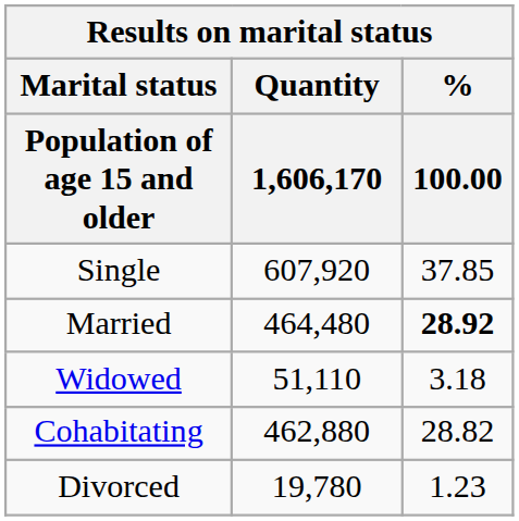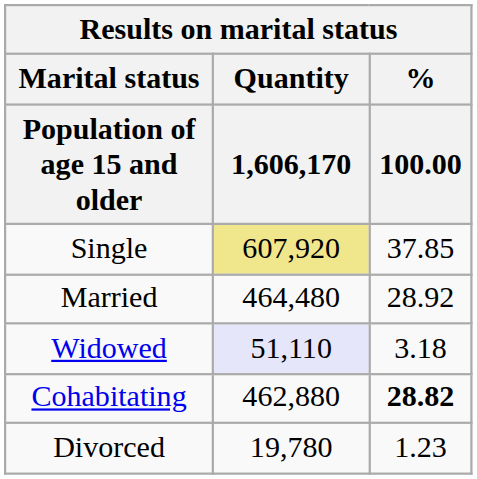 <table class="wikitable" id="cx55" style="text-align: center; margin-right: 8px; font-size: 85%; margin-bottom: 10px;" width="24%">
 <tr>
 <th colspan="8">Results on marital status<br></th>
 </tr>
 <tr>
 <th width="35%">Marital status</th>
 <th width="20%">Quantity</th>
 <th width="5%">%</th>
 </tr>
 <tr>
 <th>Population of age 15 and older</th>
 <th align="center">1,606,170</th>
 <th align="center">100.00</th>
 </tr>
 <tr>
 <td>Single</td>
-<td align="center">607,920</td>
+<td align="center" style="background: khaki;">607,920</td>
 <td align="center">37.85</td>
 </tr>
 <tr>
 <td>Married</td>
 <td align="center">464,480</td>
-<td align="center"><strong>28.92</strong></td>
+<td align="center">28.92</td>
 </tr>
 <tr>
 <td><a href='#'>Widowed</a></td>
-<td align="center">51,110</td>
+<td align="center" style="background: lavender;">51,110</td>
 <td align="center">3.18</td>
 </tr>
 <tr>
 <td><a href='#'>Cohabitating</a></td>
 <td align="center">462,880</td>
-<td align="center">28.82</td>
+<td align="center"><strong>28.82</strong></td>
 </tr>
 <tr>
 <td>Divorced</td>
 <td align="center">19,780</td>
 <td align="center">1.23</td>
 </tr>
 </table>
